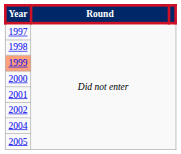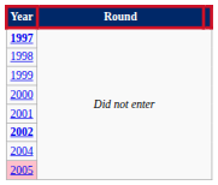 <table class="wikitable" style="text-align: center; font-size:90%">
 <tr style="color:white;">
 <th style="background:#002868; border: 4px solid #CE1126; ">Year</th>
 <th style="background:#002868; border: 4px solid #CE1126; width:200px">Round</th>
 <th style="background:#002868; border: 4px solid #CE1126;"></th>
 </tr>
 <tr>
-<td><a href='#'>1997</a></td>
+<td><strong><a href='#'>1997</a></strong></td>
 <td colspan="2" rowspan="8"><em>Did not enter</em></td>
 </tr>
 <tr>
 <td><a href='#'>1998</a></td>
 </tr>
 <tr>
-<td style="background: lightsalmon;"><a href='#'>1999</a></td>
+<td><a href='#'>1999</a></td>
 </tr>
 <tr>
 <td><a href='#'>2000</a></td>
 </tr>
 <tr>
 <td><a href='#'>2001</a></td>
 </tr>
 <tr>
-<td><a href='#'>2002</a></td>
+<td><strong><a href='#'>2002</a></strong></td>
 </tr>
 <tr>
 <td><a href='#'>2004</a></td>
 </tr>
 <tr>
-<td><a href='#'>2005</a></td>
+<td style="background: pink;"><a href='#'>2005</a></td>
 </tr>
 </table>
